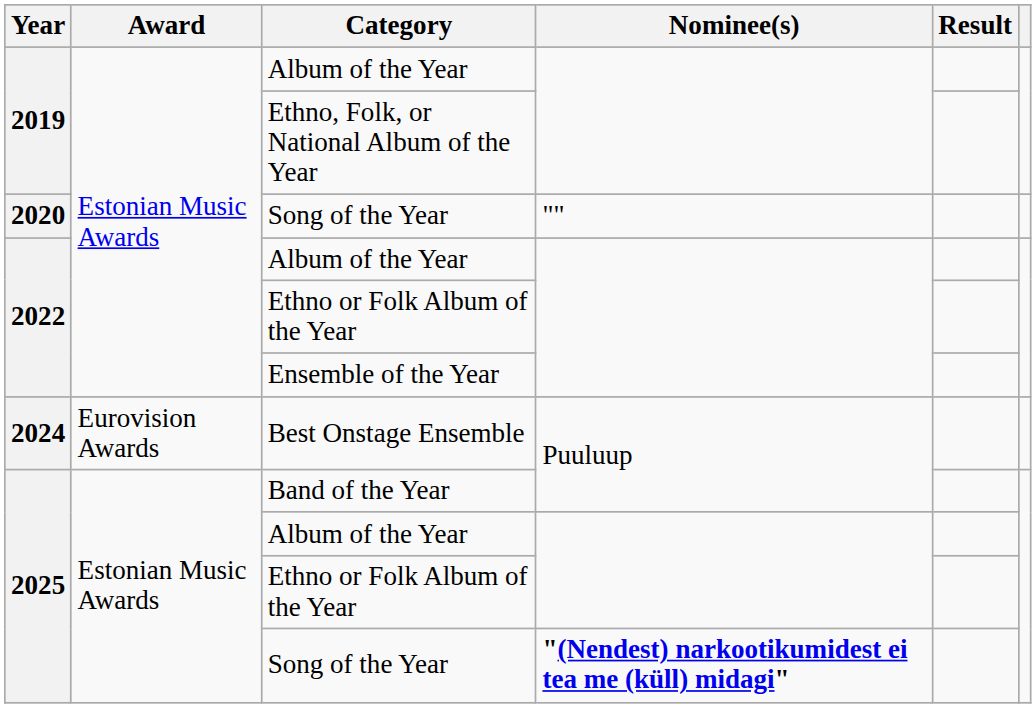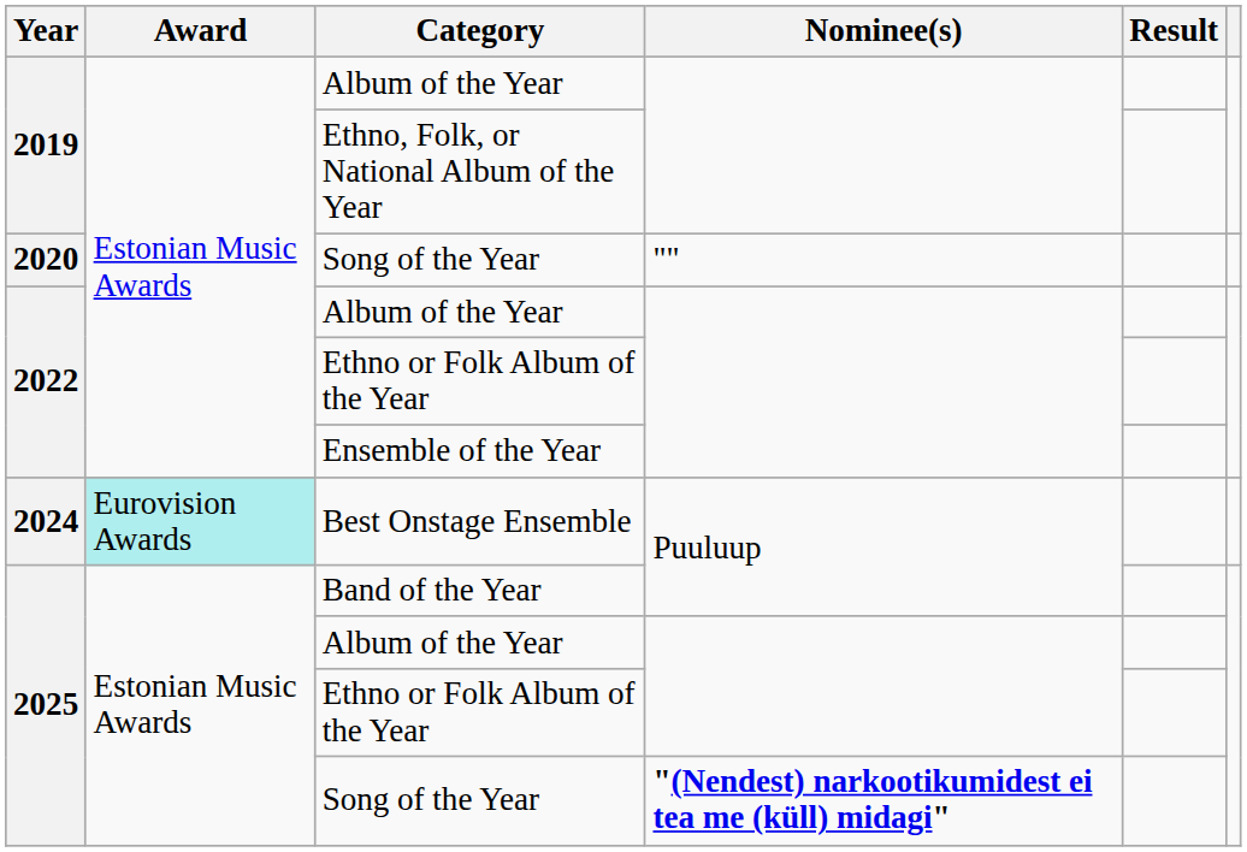 <table class="wikitable sortable plainrowheaders">
 <tr>
 <th scope="col">Year</th>
 <th scope="col">Award</th>
 <th scope="col">Category</th>
 <th scope="col">Nominee(s)</th>
 <th scope="col">Result</th>
 <th scope="col"></th>
 </tr>
 <tr>
 <th rowspan="2">2019</th>
 <td rowspan="6"><a href='#'>Estonian Music Awards</a></td>
 <td>Album of the Year</td>
 <td rowspan="2"></td>
 <td></td>
 <td rowspan="2"></td>
 </tr>
 <tr>
 <td>Ethno, Folk, or National Album of the Year</td>
 <td></td>
 </tr>
 <tr>
 <th>2020</th>
 <td>Song of the Year</td>
 <td>""</td>
 <td></td>
 <td></td>
 </tr>
 <tr>
 <th rowspan="3">2022</th>
 <td>Album of the Year</td>
 <td rowspan="3"></td>
 <td></td>
 <td rowspan="3"></td>
 </tr>
 <tr>
 <td>Ethno or Folk Album of the Year</td>
 <td></td>
 </tr>
 <tr>
 <td>Ensemble of the Year</td>
 <td></td>
 </tr>
 <tr>
 <th>2024</th>
-<td>Eurovision Awards</td>
+<td style="background: paleturquoise;">Eurovision Awards</td>
 <td>Best Onstage Ensemble</td>
 <td rowspan="2">Puuluup<br></td>
 <td></td>
 <td></td>
 </tr>
 <tr>
 <th rowspan="4">2025</th>
 <td rowspan="4">Estonian Music Awards</td>
 <td>Band of the Year</td>
 <td></td>
 <td rowspan="4"></td>
 </tr>
 <tr>
 <td>Album of the Year</td>
 <td rowspan="2"><br></td>
 <td></td>
 </tr>
 <tr>
 <td>Ethno or Folk Album of the Year</td>
 <td></td>
 </tr>
 <tr>
 <td>Song of the Year</td>
 <td><strong>"<a href='#'>(Nendest) narkootikumidest ei tea me (küll) midagi</a>"<br></strong></td>
 <td></td>
 </tr>
 </table>
